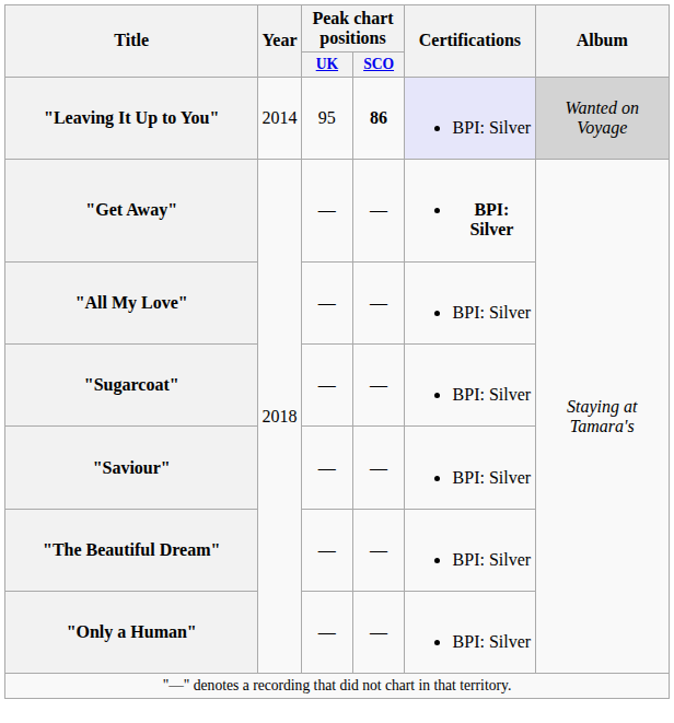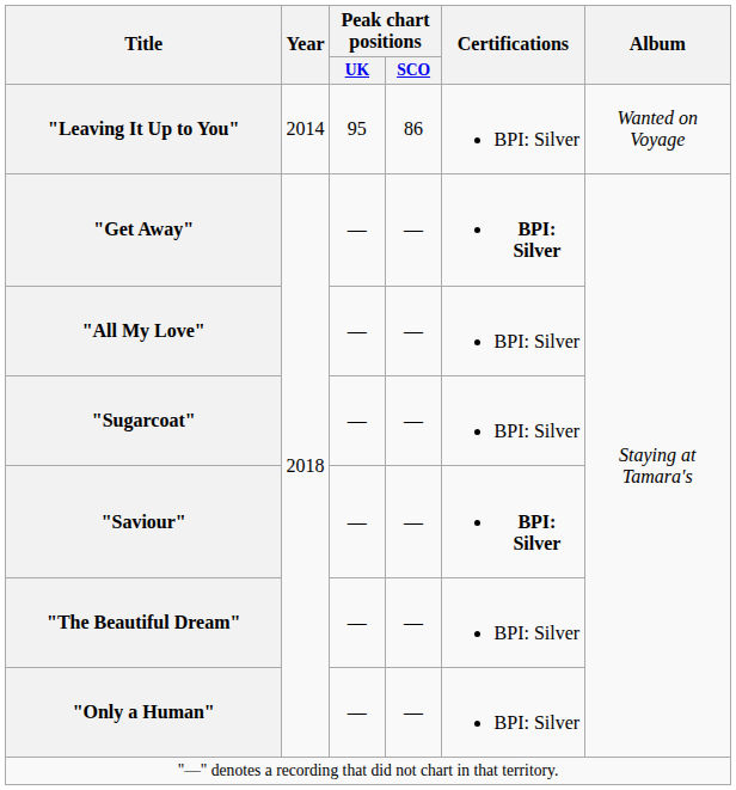 <table class="wikitable plainrowheaders" style="text-align:center;">
 <tr>
 <th scope="col" rowspan="2" style="width:14em;">Title</th>
 <th scope="col" rowspan="2" style="width:1em;">Year</th>
 <th scope="col" colspan="2">Peak chart positions</th>
 <th scope="col" rowspan="2">Certifications</th>
 <th scope="col" rowspan="2">Album</th>
 </tr>
 <tr>
 <th scope="col" style="width:3em;font-size:85%;"><a href='#'>UK</a><br></th>
 <th scope="col" style="width:3em;font-size:85%;"><a href='#'>SCO</a><br></th>
 </tr>
 <tr>
 <th scope="row">"Leaving It Up to You"</th>
 <td>2014</td>
 <td>95</td>
-<td><strong>86</strong></td>
-<td style="background: lavender;"><br><ul><li>BPI: Silver</li></ul></td>
-<td style="background: lightgrey;"><em>Wanted on Voyage</em></td>
+<td>86</td>
+<td><br><ul><li>BPI: Silver</li></ul></td>
+<td><em>Wanted on Voyage</em></td>
 </tr>
 <tr>
 <th scope="row">"Get Away"</th>
 <td rowspan="6">2018</td>
 <td>—</td>
 <td>—</td>
 <td><strong><br><ul><li>BPI: Silver</li></ul></strong></td>
 <td rowspan="6"><em>Staying at Tamara's</em></td>
 </tr>
 <tr>
 <th scope="row">"All My Love"</th>
 <td>—</td>
 <td>—</td>
 <td><br><ul><li>BPI: Silver</li></ul></td>
 </tr>
 <tr>
 <th scope="row">"Sugarcoat"</th>
 <td>—</td>
 <td>—</td>
 <td><br><ul><li>BPI: Silver</li></ul></td>
 </tr>
 <tr>
 <th scope="row">"Saviour"<br></th>
 <td>—</td>
 <td>—</td>
-<td><br><ul><li>BPI: Silver</li></ul></td>
+<td><strong><br><ul><li>BPI: Silver</li></ul></strong></td>
 </tr>
 <tr>
 <th scope="row">"The Beautiful Dream"</th>
 <td>—</td>
 <td>—</td>
 <td><br><ul><li>BPI: Silver</li></ul></td>
 </tr>
 <tr>
 <th scope="row">"Only a Human"</th>
 <td>—</td>
 <td>—</td>
 <td><br><ul><li>BPI: Silver</li></ul></td>
 </tr>
 <tr>
 <td style="font-size:85%;" colspan="6">"—" denotes a recording that did not chart in that territory.</td>
 </tr>
 </table>
